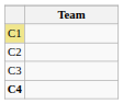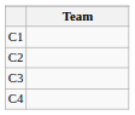 <table class="wikitable" style="display:inline-table;">
 <tr>
 </tr>
 <tr>
 <th></th>
 <th width=120>Team</th>
 </tr>
 <tr>
-<td align=center style="background: khaki;">C1</td>
+<td align=center>C1</td>
 <td></td>
 </tr>
 <tr>
 <td align=center>C2</td>
 <td></td>
 </tr>
 <tr>
 <td align=center>C3</td>
 <td></td>
 </tr>
 <tr>
-<td align=center><strong>C4</strong></td>
+<td align=center>C4</td>
 <td></td>
 </tr>
 </table>
